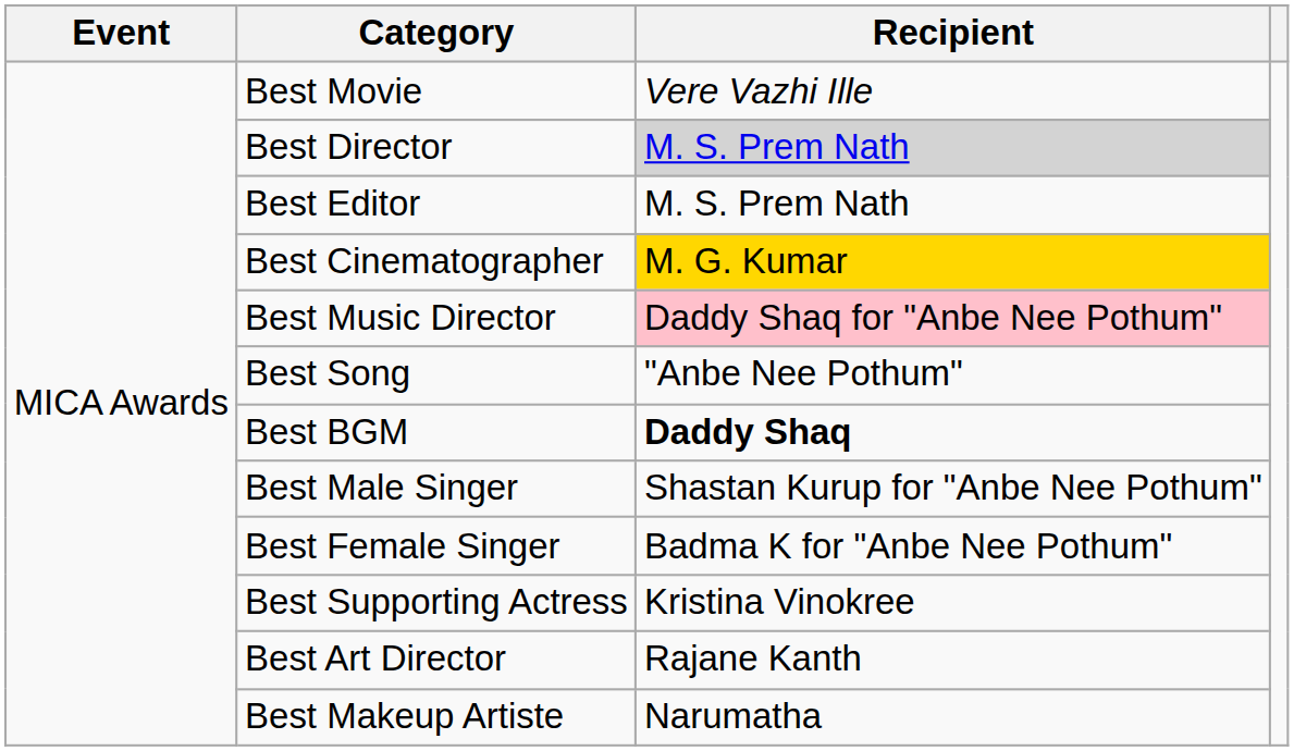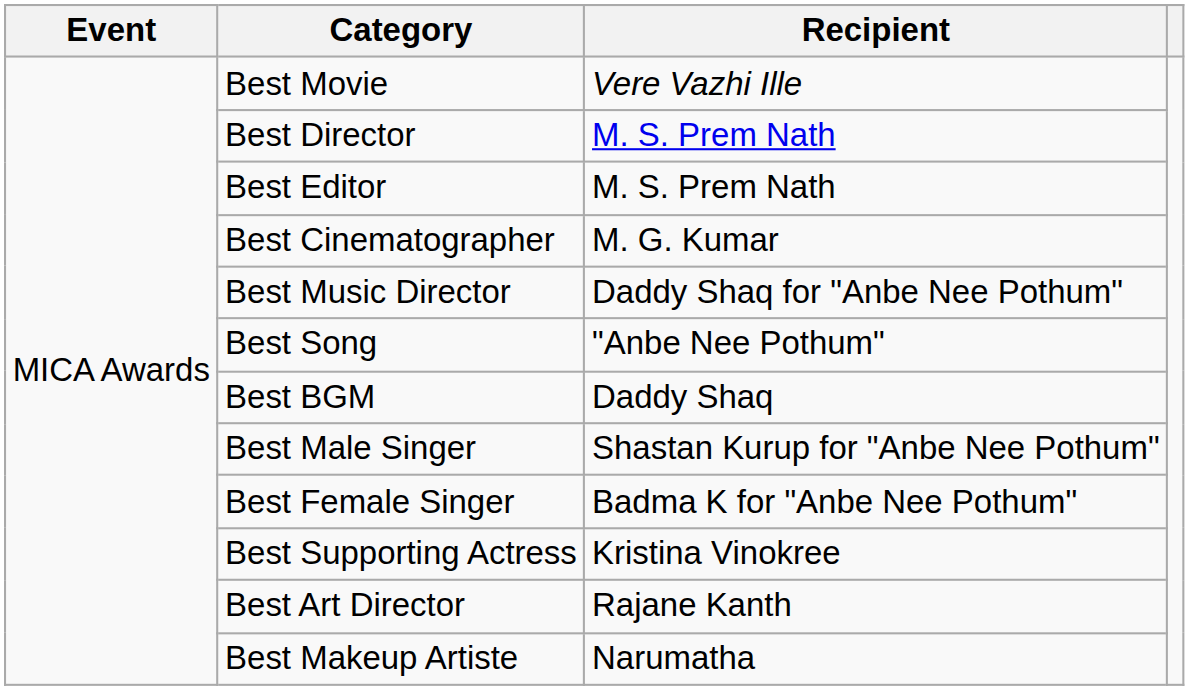 <table class="wikitable">
 <tr>
 <th>Event</th>
 <th>Category</th>
 <th>Recipient</th>
 <th></th>
 </tr>
 <tr>
 <td rowspan="12">MICA Awards</td>
 <td>Best Movie</td>
 <td><em>Vere Vazhi Ille</em></td>
 <td rowspan="12" style="text-align:center;"></td>
 </tr>
 <tr>
 <td>Best Director</td>
-<td style="background: lightgrey;"><a href='#'>M. S. Prem Nath</a></td>
+<td><a href='#'>M. S. Prem Nath</a></td>
 </tr>
 <tr>
 <td>Best Editor</td>
 <td>M. S. Prem Nath</td>
 </tr>
 <tr>
 <td>Best Cinematographer</td>
-<td style="background: gold;">M. G. Kumar</td>
+<td>M. G. Kumar</td>
 </tr>
 <tr>
 <td>Best Music Director</td>
-<td style="background: pink;">Daddy Shaq for "Anbe Nee Pothum"</td>
+<td>Daddy Shaq for "Anbe Nee Pothum"</td>
 </tr>
 <tr>
 <td>Best Song</td>
 <td>"Anbe Nee Pothum"</td>
 </tr>
 <tr>
 <td>Best BGM</td>
-<td><strong>Daddy Shaq</strong></td>
+<td>Daddy Shaq</td>
 </tr>
 <tr>
 <td>Best Male Singer</td>
 <td>Shastan Kurup for "Anbe Nee Pothum"</td>
 </tr>
 <tr>
 <td>Best Female Singer</td>
 <td>Badma K for "Anbe Nee Pothum"</td>
 </tr>
 <tr>
 <td>Best Supporting Actress</td>
 <td>Kristina Vinokree</td>
 </tr>
 <tr>
 <td>Best Art Director</td>
 <td>Rajane Kanth</td>
 </tr>
 <tr>
 <td>Best Makeup Artiste</td>
 <td>Narumatha</td>
 </tr>
 </table>
